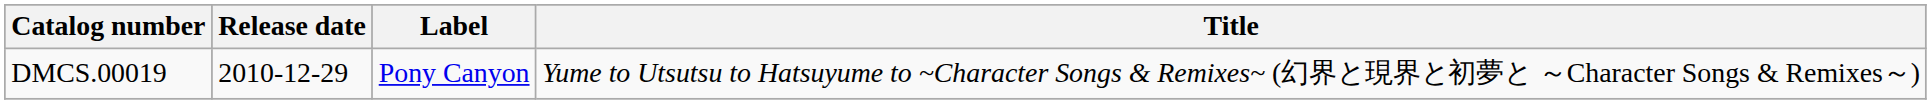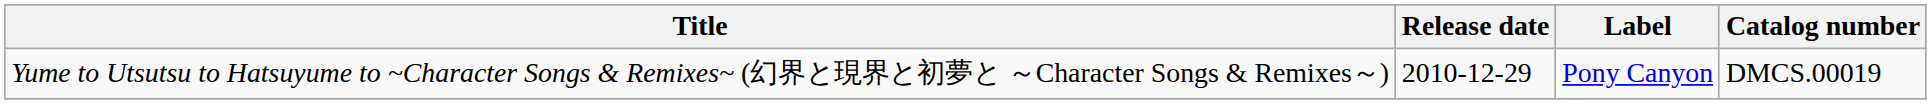 <table class="wikitable">
 <tr>
-<th>Catalog number</th>
+<th>Title</th>
 <th>Release date</th>
 <th>Label</th>
-<th>Title</th>
+<th>Catalog number</th>
 </tr>
 <tr>
-<td>DMCS.00019</td>
+<td><em>Yume to Utsutsu to Hatsuyume to ~Character Songs & Remixes~</em> (幻界と現界と初夢と ～Character Songs & Remixes～)</td>
 <td>2010-12-29</td>
 <td><a href='#'>Pony Canyon</a></td>
-<td><em>Yume to Utsutsu to Hatsuyume to ~Character Songs & Remixes~</em> (幻界と現界と初夢と ～Character Songs & Remixes～)</td>
+<td>DMCS.00019</td>
 </tr>
 </table>
